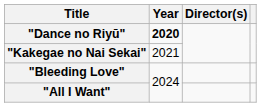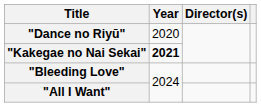 <table class="wikitable plainrowheaders" style="text-align:center;">
 <tr>
 <th scope="col">Title</th>
 <th scope="col">Year</th>
 <th scope="col">Director(s)</th>
 <th scope="col"></th>
 </tr>
 <tr>
 <th scope="row">"Dance no Riyū"</th>
-<td><strong>2020</strong></td>
+<td>2020</td>
 <td rowspan="2"></td>
 <td rowspan="2"></td>
 </tr>
 <tr>
 <th scope="row">"Kakegae no Nai Sekai"</th>
-<td>2021</td>
+<td><strong>2021</strong></td>
 </tr>
 <tr>
 <th scope="row">"Bleeding Love"</th>
 <td rowspan="2">2024</td>
 <td></td>
 <td></td>
 </tr>
 <tr>
 <th scope="row">"All I Want"</th>
 <td></td>
 <td></td>
 </tr>
 </table>
